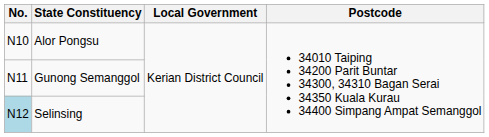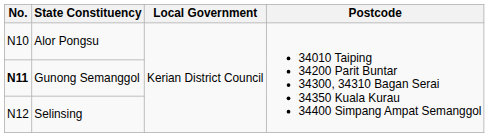 <table class="wikitable">
 <tr>
 <th>No.</th>
 <th>State Constituency</th>
 <th>Local Government</th>
 <th>Postcode</th>
 </tr>
 <tr>
 <td>N10</td>
 <td>Alor Pongsu</td>
 <td rowspan="3">Kerian District Council</td>
 <td rowspan="3"><br><ul><li>34010 Taiping</li><li>34200 Parit Buntar</li><li>34300, 34310 Bagan Serai</li><li>34350 Kuala Kurau</li><li>34400 Simpang Ampat Semanggol</li></ul></td>
 </tr>
 <tr>
-<td>N11</td>
+<td><strong>N11</strong></td>
 <td>Gunong Semanggol</td>
 </tr>
 <tr>
-<td style="background: lightblue;">N12</td>
+<td>N12</td>
 <td>Selinsing</td>
 </tr>
 </table>
